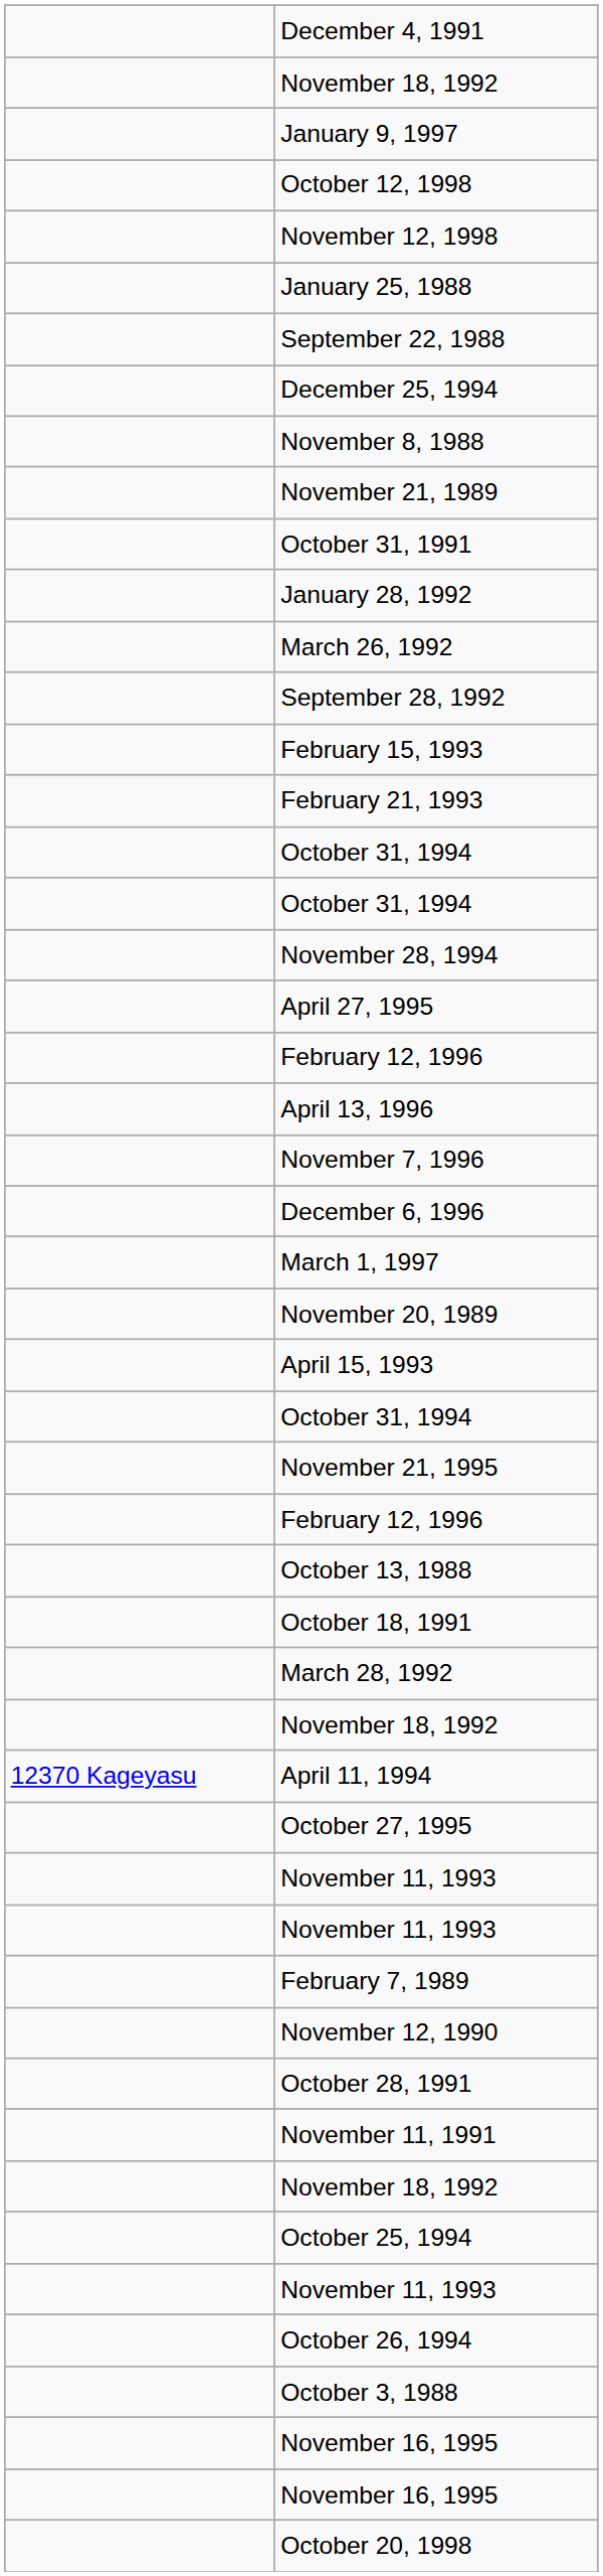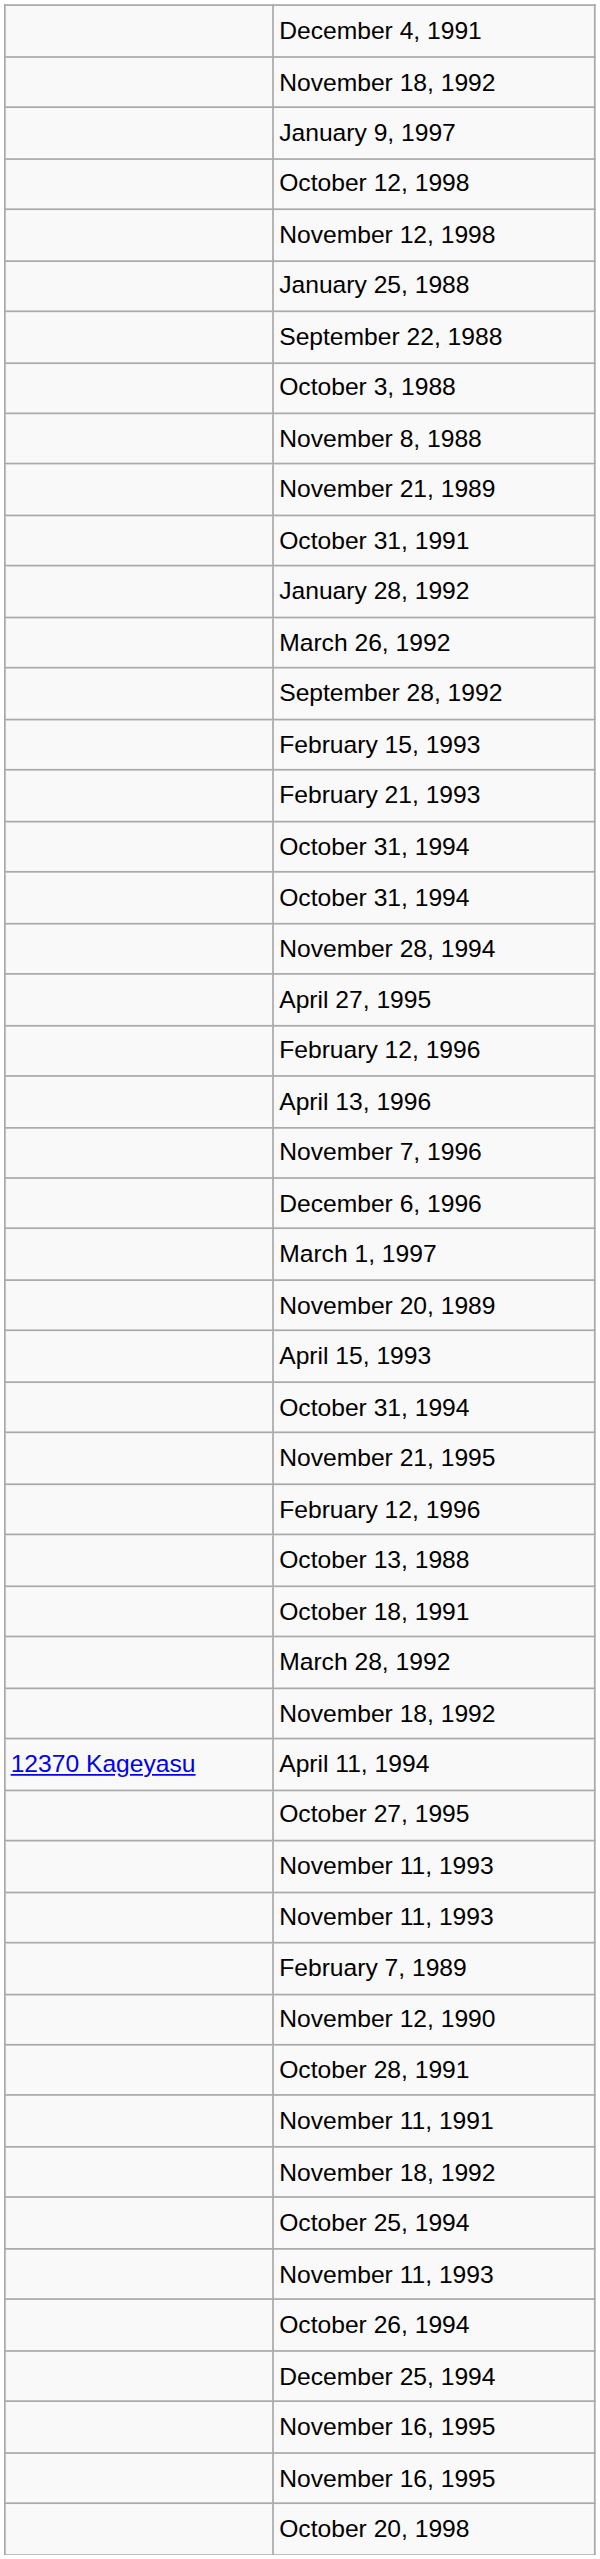 <table class="wikitable" style="font-size: 89%; float: left; width: 24em; margin-right: 1em; line-height: 1.6em !important;  height: 1250px;">
 <tr>
 <td></td>
 <td>December 4, 1991</td>
 </tr>
 <tr>
 <td></td>
 <td>November 18, 1992</td>
 </tr>
 <tr>
 <td></td>
 <td>January 9, 1997</td>
 </tr>
 <tr>
 <td></td>
 <td>October 12, 1998</td>
 </tr>
 <tr>
 <td></td>
 <td>November 12, 1998</td>
 </tr>
 <tr>
 <td></td>
 <td>January 25, 1988</td>
 </tr>
 <tr>
 <td></td>
 <td>September 22, 1988</td>
 </tr>
 <tr>
 <td></td>
-<td>December 25, 1994</td>
+<td>October 3, 1988</td>
 </tr>
 <tr>
 <td></td>
 <td>November 8, 1988</td>
 </tr>
 <tr>
 <td></td>
 <td>November 21, 1989</td>
 </tr>
 <tr>
 <td></td>
 <td>October 31, 1991</td>
 </tr>
 <tr>
 <td></td>
 <td>January 28, 1992</td>
 </tr>
 <tr>
 <td></td>
 <td>March 26, 1992</td>
 </tr>
 <tr>
 <td></td>
 <td>September 28, 1992</td>
 </tr>
 <tr>
 <td></td>
 <td>February 15, 1993</td>
 </tr>
 <tr>
 <td></td>
 <td>February 21, 1993</td>
 </tr>
 <tr>
 <td></td>
 <td>October 31, 1994</td>
 </tr>
 <tr>
 <td></td>
 <td>October 31, 1994</td>
 </tr>
 <tr>
 <td></td>
 <td>November 28, 1994</td>
 </tr>
 <tr>
 <td></td>
 <td>April 27, 1995</td>
 </tr>
 <tr>
 <td></td>
 <td>February 12, 1996</td>
 </tr>
 <tr>
 <td></td>
 <td>April 13, 1996</td>
 </tr>
 <tr>
 <td></td>
 <td>November 7, 1996</td>
 </tr>
 <tr>
 <td></td>
 <td>December 6, 1996</td>
 </tr>
 <tr>
 <td></td>
 <td>March 1, 1997</td>
 </tr>
 <tr>
 <td></td>
 <td>November 20, 1989</td>
 </tr>
 <tr>
 <td></td>
 <td>April 15, 1993</td>
 </tr>
 <tr>
 <td></td>
 <td>October 31, 1994</td>
 </tr>
 <tr>
 <td></td>
 <td>November 21, 1995</td>
 </tr>
 <tr>
 <td></td>
 <td>February 12, 1996</td>
 </tr>
 <tr>
 <td></td>
 <td>October 13, 1988</td>
 </tr>
 <tr>
 <td></td>
 <td>October 18, 1991</td>
 </tr>
 <tr>
 <td></td>
 <td>March 28, 1992</td>
 </tr>
 <tr>
 <td></td>
 <td>November 18, 1992</td>
 </tr>
 <tr>
 <td><a href='#'>12370 Kageyasu</a></td>
 <td>April 11, 1994</td>
 </tr>
 <tr>
 <td></td>
 <td>October 27, 1995</td>
 </tr>
 <tr>
 <td></td>
 <td>November 11, 1993</td>
 </tr>
 <tr>
 <td></td>
 <td>November 11, 1993</td>
 </tr>
 <tr>
 <td></td>
 <td>February 7, 1989</td>
 </tr>
 <tr>
 <td></td>
 <td>November 12, 1990</td>
 </tr>
 <tr>
 <td></td>
 <td>October 28, 1991</td>
 </tr>
 <tr>
 <td></td>
 <td>November 11, 1991</td>
 </tr>
 <tr>
 <td></td>
 <td>November 18, 1992</td>
 </tr>
 <tr>
 <td></td>
 <td>October 25, 1994</td>
 </tr>
 <tr>
 <td></td>
 <td>November 11, 1993</td>
 </tr>
 <tr>
 <td></td>
 <td>October 26, 1994</td>
 </tr>
 <tr>
 <td></td>
-<td>October 3, 1988</td>
+<td>December 25, 1994</td>
 </tr>
 <tr>
 <td></td>
 <td>November 16, 1995</td>
 </tr>
 <tr>
 <td></td>
 <td>November 16, 1995</td>
 </tr>
 <tr>
 <td></td>
 <td>October 20, 1998</td>
 </tr>
 </table>
